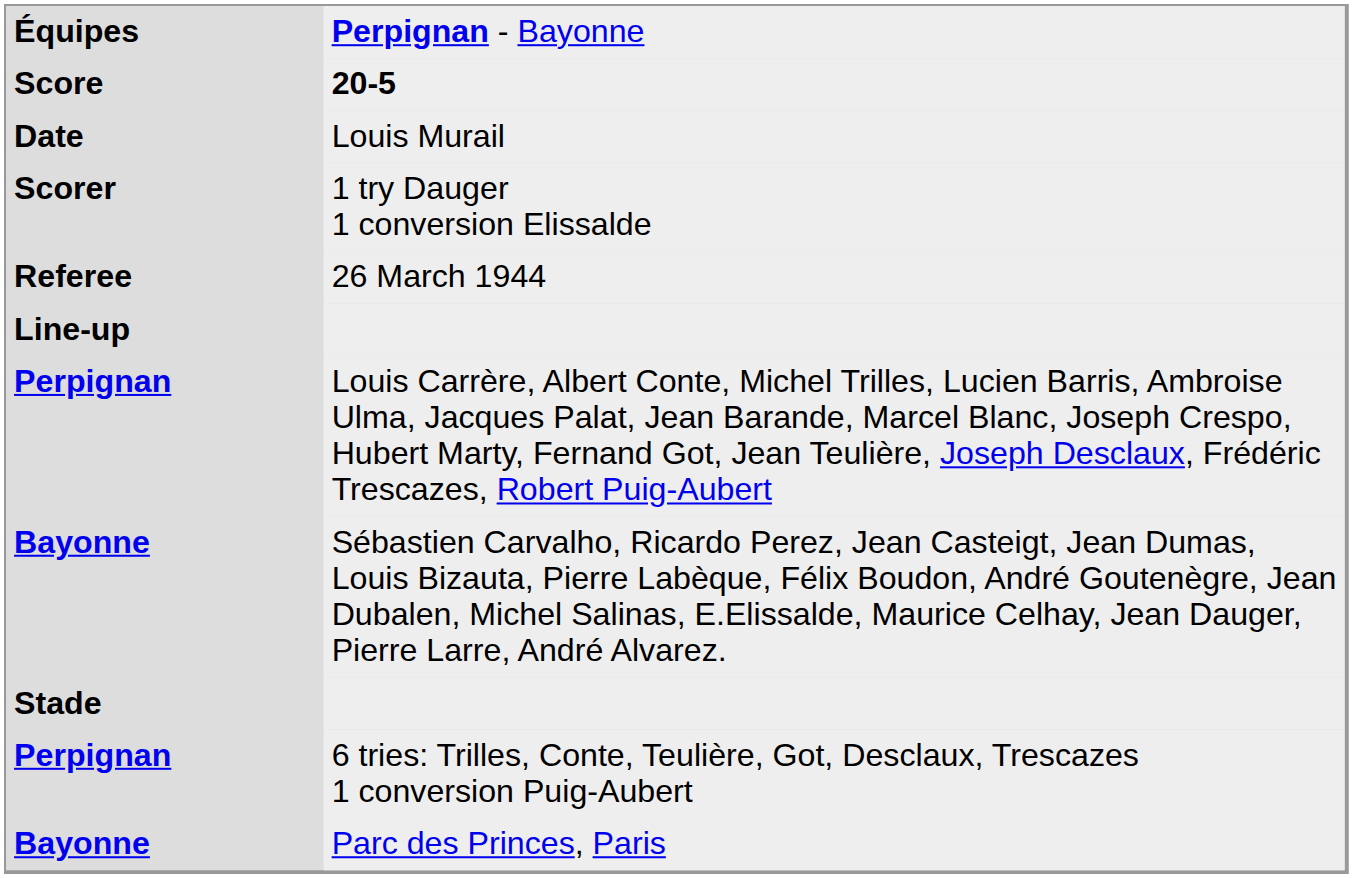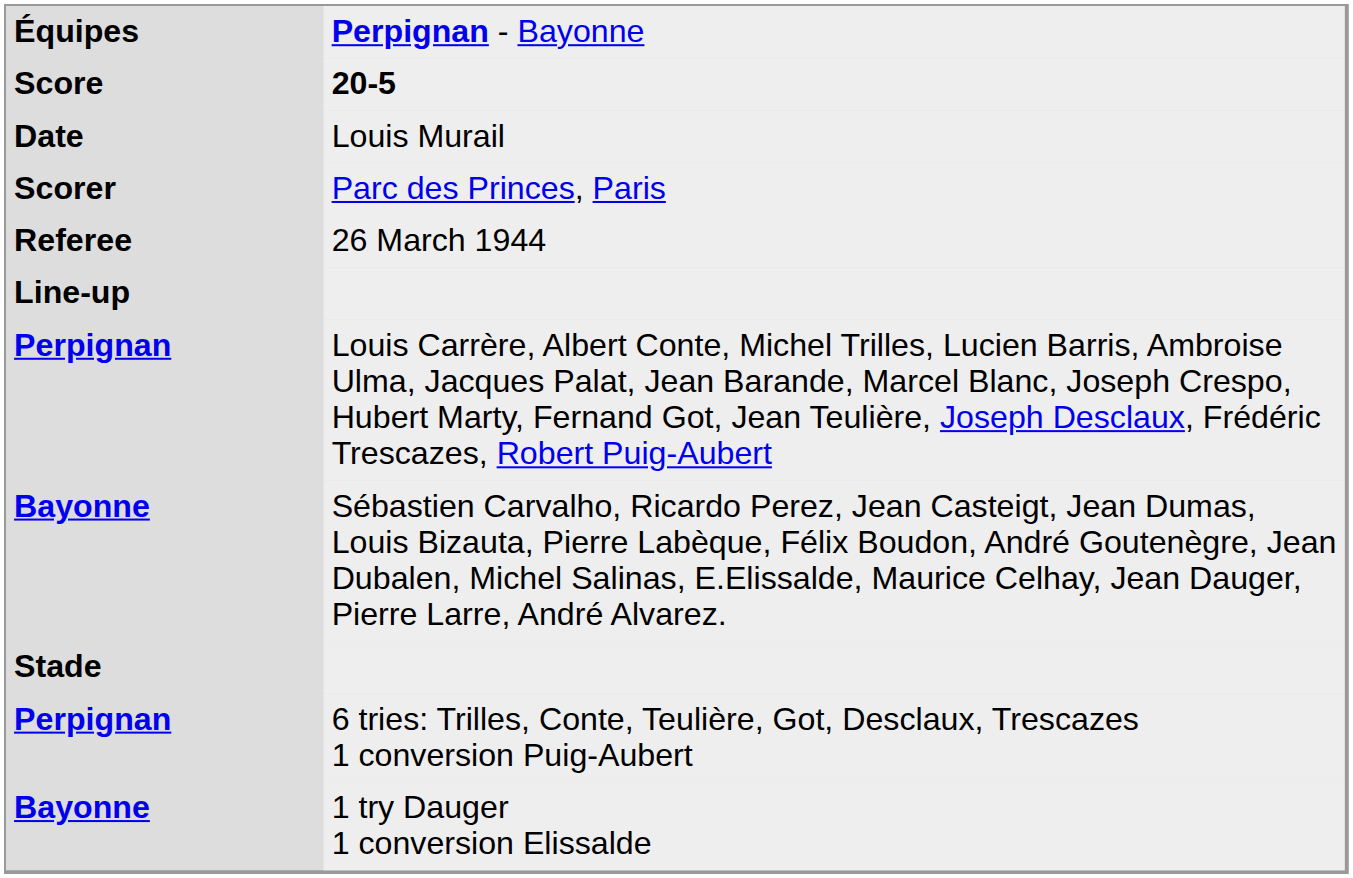 <table align="left" cellpadding="4" cellspacing="0"  style="margin: 0 0 0 0; border: 1px solid #999; border-right-width: 2px; border-bottom-width: 2px; background-color: #DDDDDD">
 <tr>
 <td width="150" valign="top"><strong>Équipes</strong></td>
 <td width="500" bgcolor=#EEEEEE><strong><a href='#'>Perpignan</a></strong> - <a href='#'>Bayonne</a></td>
 </tr>
 <tr>
 <td valign="top"><strong>Score</strong></td>
 <td bgcolor=#EEEEEE><strong>20-5</strong></td>
 </tr>
 <tr>
 <td valign="top"><strong>Date</strong></td>
 <td bgcolor=#EEEEEE>Louis Murail</td>
 </tr>
 <tr>
 <td valign="top"><strong>Scorer</strong></td>
-<td bgcolor=#EEEEEE>1 try Dauger<br>1 conversion Elissalde</td>
+<td bgcolor=#EEEEEE><a href='#'>Parc des Princes</a>, <a href='#'>Paris</a></td>
 </tr>
 <tr>
 <td valign="top"><strong>Referee</strong></td>
 <td bgcolor=#EEEEEE>26 March 1944</td>
 </tr>
 <tr>
 <td valign="top"><strong>Line-up</strong></td>
 <td bgcolor=#EEEEEE></td>
 </tr>
 <tr>
 <td valign="top"><strong><a href='#'>Perpignan</a> </strong></td>
 <td bgcolor=#EEEEEE>Louis Carrère, Albert Conte, Michel Trilles, Lucien Barris, Ambroise Ulma, Jacques Palat, Jean Barande, Marcel Blanc, Joseph Crespo, Hubert Marty, Fernand Got, Jean Teulière, <a href='#'>Joseph Desclaux</a>, Frédéric Trescazes, <a href='#'>Robert Puig-Aubert</a></td>
 </tr>
 <tr>
 <td valign="top"><strong><a href='#'>Bayonne</a> </strong></td>
 <td bgcolor=#EEEEEE>Sébastien Carvalho, Ricardo Perez, Jean Casteigt, Jean Dumas, Louis Bizauta, Pierre Labèque, Félix Boudon, André Goutenègre, Jean Dubalen, Michel Salinas, E.Elissalde, Maurice Celhay, Jean Dauger, Pierre Larre, André Alvarez.</td>
 </tr>
 <tr>
 <td valign="top"><strong>Stade</strong></td>
 <td bgcolor=#EEEEEE></td>
 </tr>
 <tr>
 <td valign="top"><strong><a href='#'>Perpignan</a> </strong></td>
 <td bgcolor=#EEEEEE>6 tries: Trilles, Conte, Teulière, Got, Desclaux, Trescazes<br>1 conversion Puig-Aubert</td>
 </tr>
 <tr>
 <td valign="top"><strong><a href='#'>Bayonne</a> </strong></td>
-<td bgcolor=#EEEEEE><a href='#'>Parc des Princes</a>, <a href='#'>Paris</a></td>
+<td bgcolor=#EEEEEE>1 try Dauger<br>1 conversion Elissalde</td>
 </tr>
 </table>
